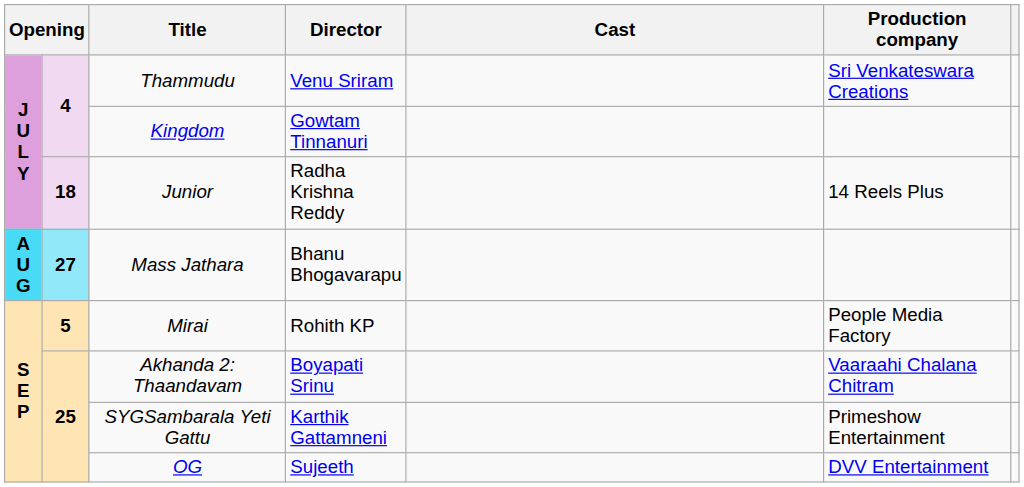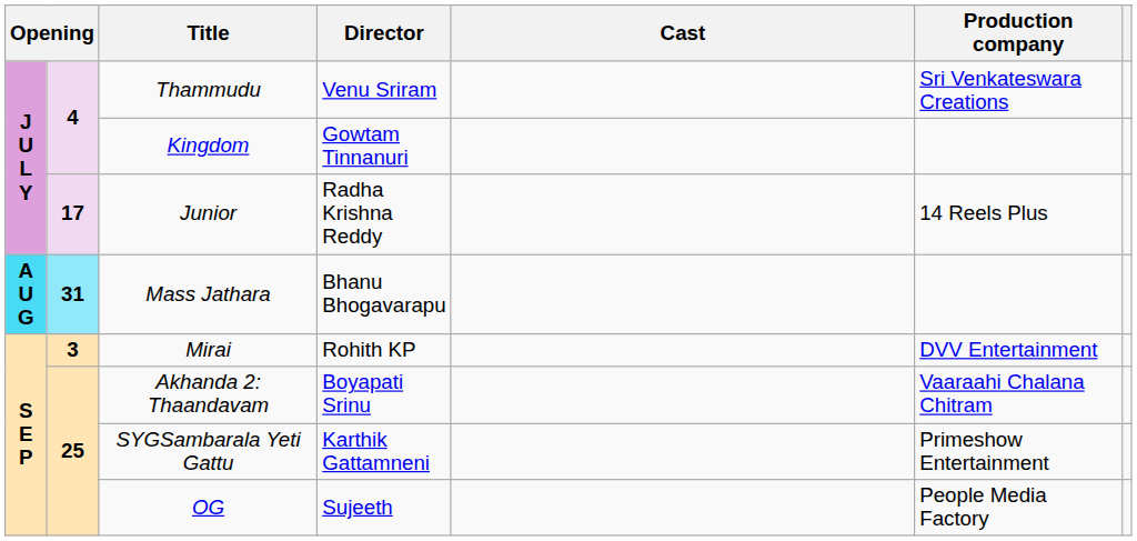 <table class="wikitable sortable">
 <tr>
 <th colspan="2" style="width:6%;">Opening</th>
 <th style="width:20%;">Title</th>
 <th style="width:10%;">Director</th>
 <th style="width:45%;">Cast</th>
 <th style="width:30%;">Production company</th>
 <th class="unsortable" style="width:1%;"></th>
 </tr>
 <tr>
 <td rowspan="3" style="text-align:center; background:plum; textcolor:#000;"><strong>J<br>U<br>L<br>Y</strong></td>
 <td rowspan="2" style="text-align:center; background:#f1daf1;"><strong>4</strong></td>
 <td style="text-align:center;"><em>Thammudu</em></td>
 <td><a href='#'>Venu Sriram</a></td>
 <td></td>
 <td><a href='#'>Sri Venkateswara Creations</a></td>
 <td style="text-align:center;"></td>
 </tr>
 <tr>
 <td style="text-align:center;"><em><a href='#'>Kingdom</a></em></td>
 <td><a href='#'>Gowtam Tinnanuri</a></td>
 <td></td>
 <td></td>
 <td style="text-align: center;"></td>
 </tr>
 <tr>
-<td style="text-align:center; background:#f1daf1;"><strong>18</strong></td>
+<td style="text-align:center; background:#f1daf1;"><strong>17</strong></td>
 <td style="text-align: center;"><em>Junior</em></td>
 <td>Radha Krishna Reddy</td>
 <td></td>
 <td>14 Reels Plus</td>
 <td style="text-align: center;"></td>
 </tr>
 <tr>
 <td style="text-align:center; background:#49daf6;"><strong>A<br>U<br>G</strong></td>
-<td style="text-align:center; background:#91e8f9;"><strong>27</strong></td>
+<td style="text-align:center; background:#91e8f9;"><strong>31</strong></td>
 <td style="text-align:center;"><em>Mass Jathara</em></td>
 <td>Bhanu Bhogavarapu</td>
 <td></td>
 <td></td>
 <td style="text-align:center;"></td>
 </tr>
 <tr>
 <td rowspan="4" style="text-align:center; background:#FFE5B4;" ;><strong>S<br>E<br>P</strong></td>
-<td style="text-align:center; background:#FFE5B4;"><strong>5</strong></td>
+<td style="text-align:center; background:#FFE5B4;"><strong>3</strong></td>
 <td style="text-align:center;"><em>Mirai</em></td>
 <td>Rohith KP</td>
 <td></td>
-<td>People Media Factory</td>
+<td><a href='#'>DVV Entertainment</a></td>
 <td style="text-align:center;"></td>
 </tr>
 <tr>
 <td rowspan="3" style="text-align:center; background:#FFE5B4" ;><strong>25</strong></td>
 <td style="text-align:center;"><em>Akhanda 2: Thaandavam</em></td>
 <td><a href='#'>Boyapati Srinu</a></td>
 <td></td>
 <td><a href='#'>Vaaraahi Chalana Chitram</a></td>
 <td style="text-align:center;"></td>
 </tr>
 <tr>
 <td style="text-align:center;"><em>SYGSambarala Yeti Gattu</em></td>
 <td><a href='#'>Karthik Gattamneni</a></td>
 <td></td>
 <td>Primeshow Entertainment</td>
 <td style="text-align:center;"></td>
 </tr>
 <tr>
 <td style="text-align:center;"><em><a href='#'>OG</a></em></td>
 <td><a href='#'>Sujeeth</a></td>
 <td></td>
-<td><a href='#'>DVV Entertainment</a></td>
+<td>People Media Factory</td>
 <td style="text-align:center;"></td>
 </tr>
 </table>
